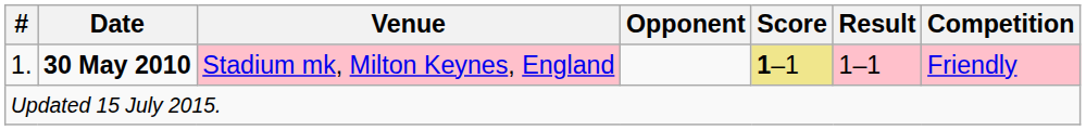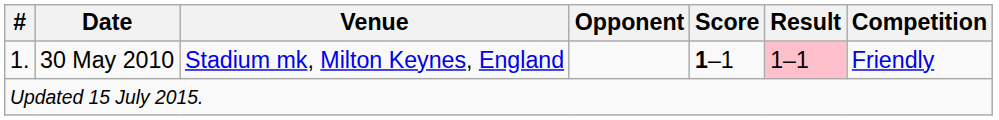 <table class="wikitable">
 <tr>
 <th>#</th>
 <th>Date</th>
 <th>Venue</th>
 <th>Opponent</th>
 <th>Score</th>
 <th>Result</th>
 <th>Competition</th>
 </tr>
 <tr>
 <td>1.</td>
-<td><strong>30 May 2010</strong></td>
-<td style="background: pink;"><a href='#'>Stadium mk</a>, <a href='#'>Milton Keynes</a>, <a href='#'>England</a></td>
+<td>30 May 2010</td>
+<td><a href='#'>Stadium mk</a>, <a href='#'>Milton Keynes</a>, <a href='#'>England</a></td>
 <td></td>
-<td style="background: khaki;"><strong>1</strong>–1</td>
+<td><strong>1</strong>–1</td>
 <td style="background: pink;">1–1</td>
-<td style="background: pink;"><a href='#'>Friendly</a></td>
+<td><a href='#'>Friendly</a></td>
 </tr>
 <tr>
 <td colspan="12"><small><em>Updated 15 July 2015.</em></small></td>
 </tr>
 </table>
